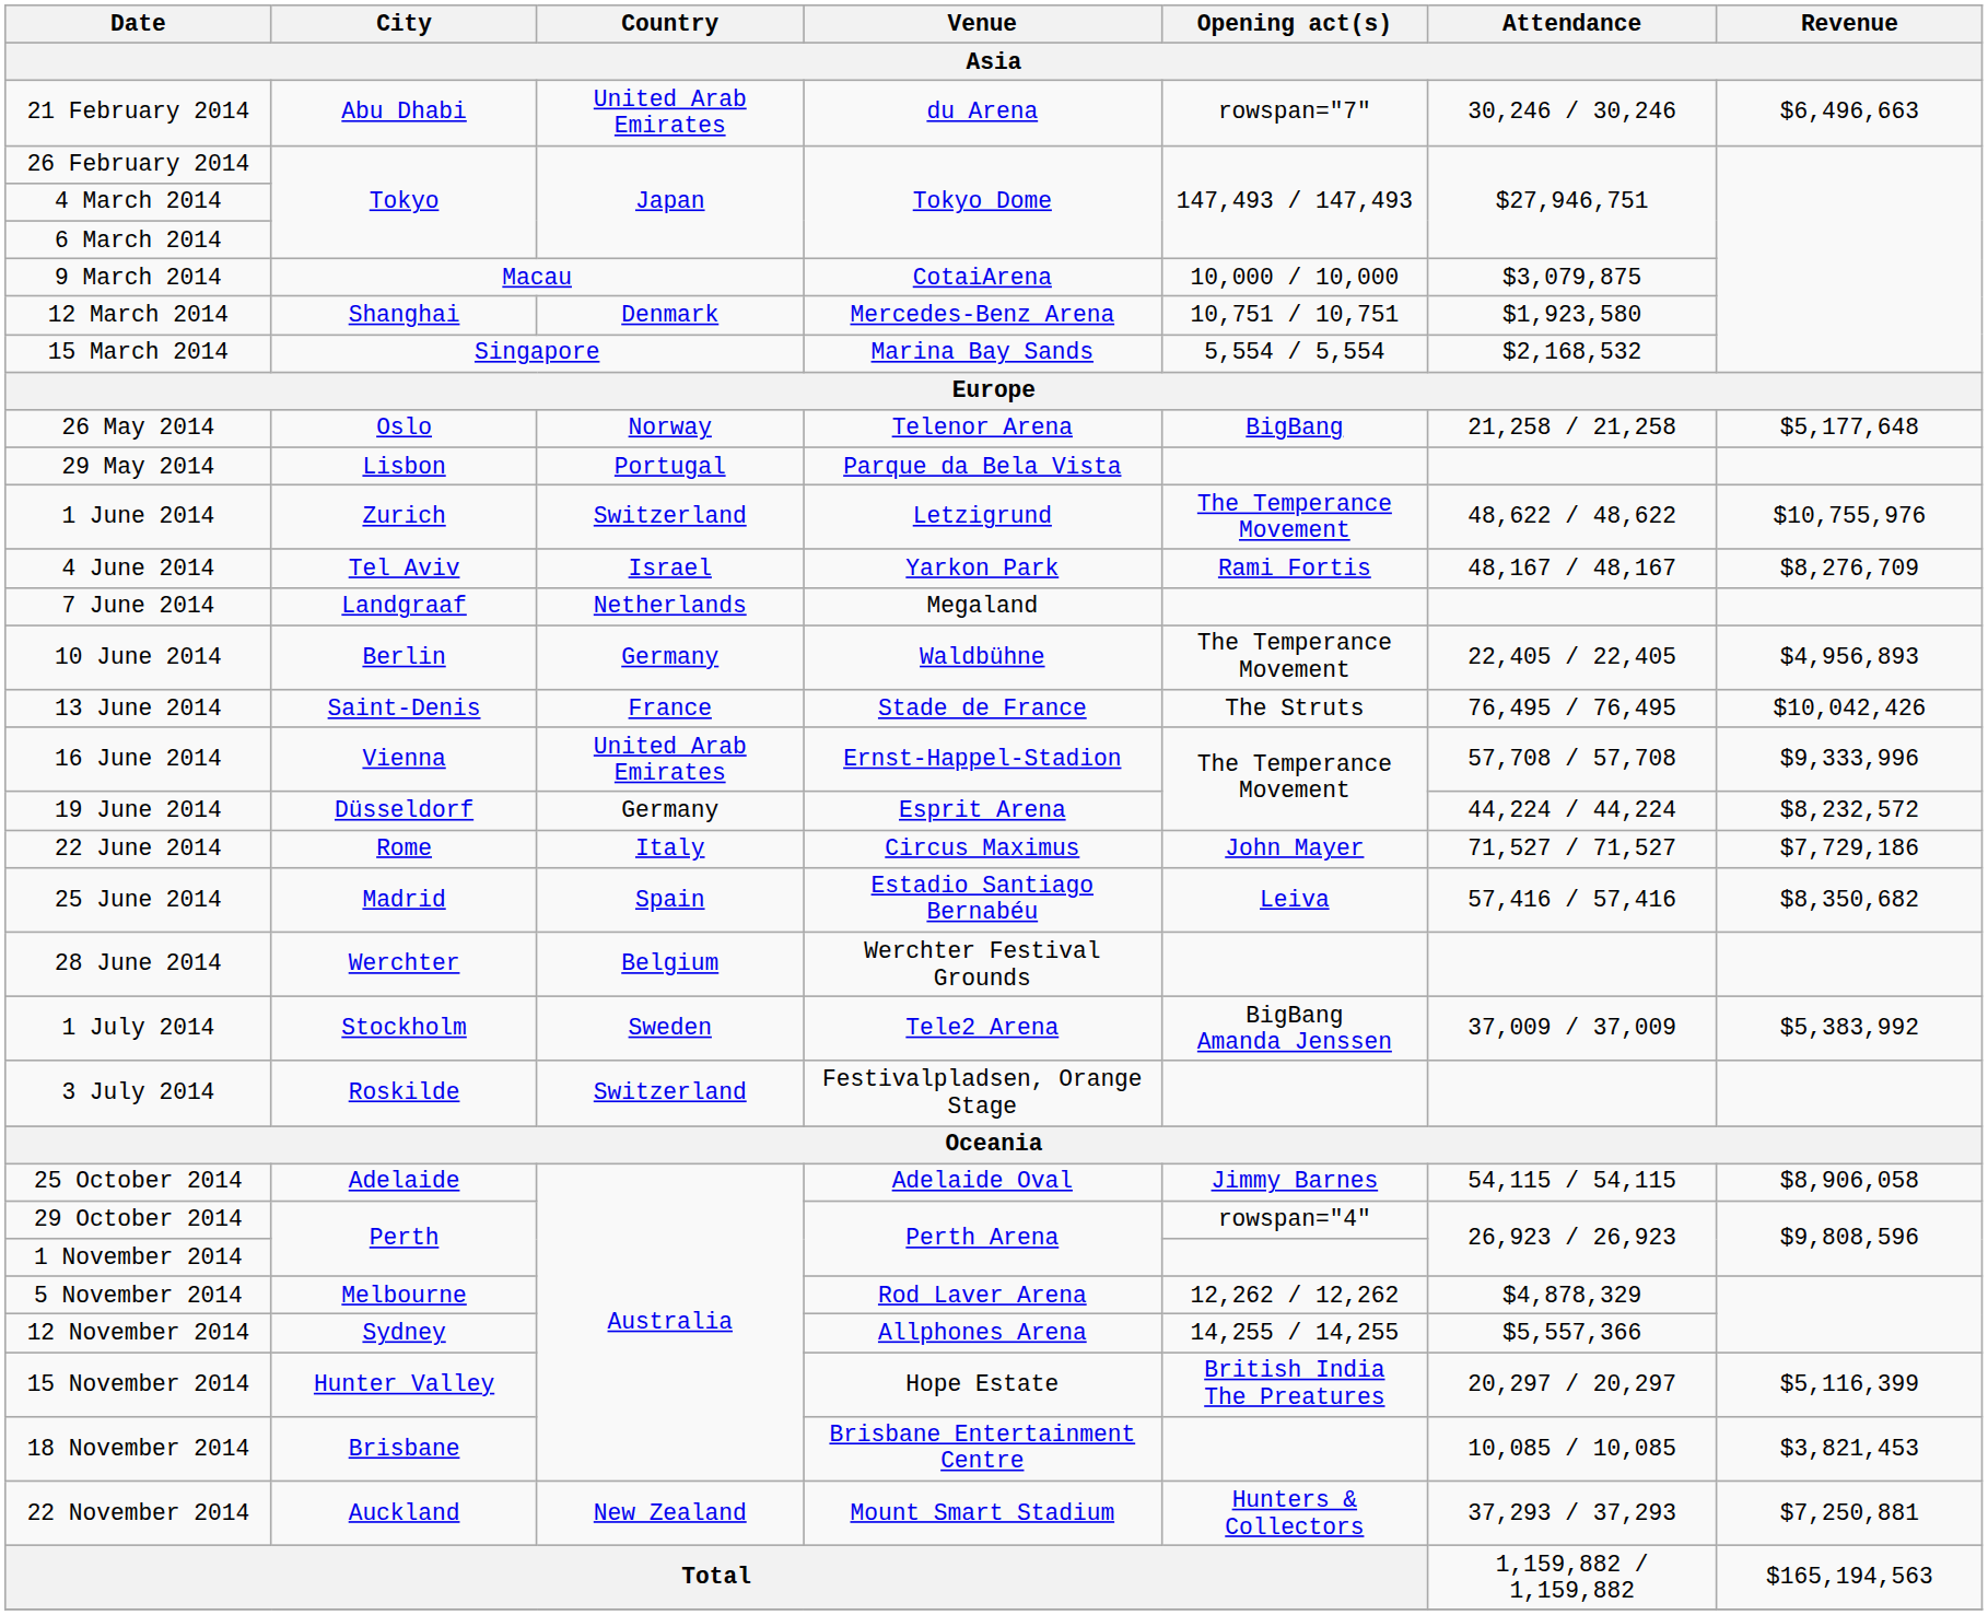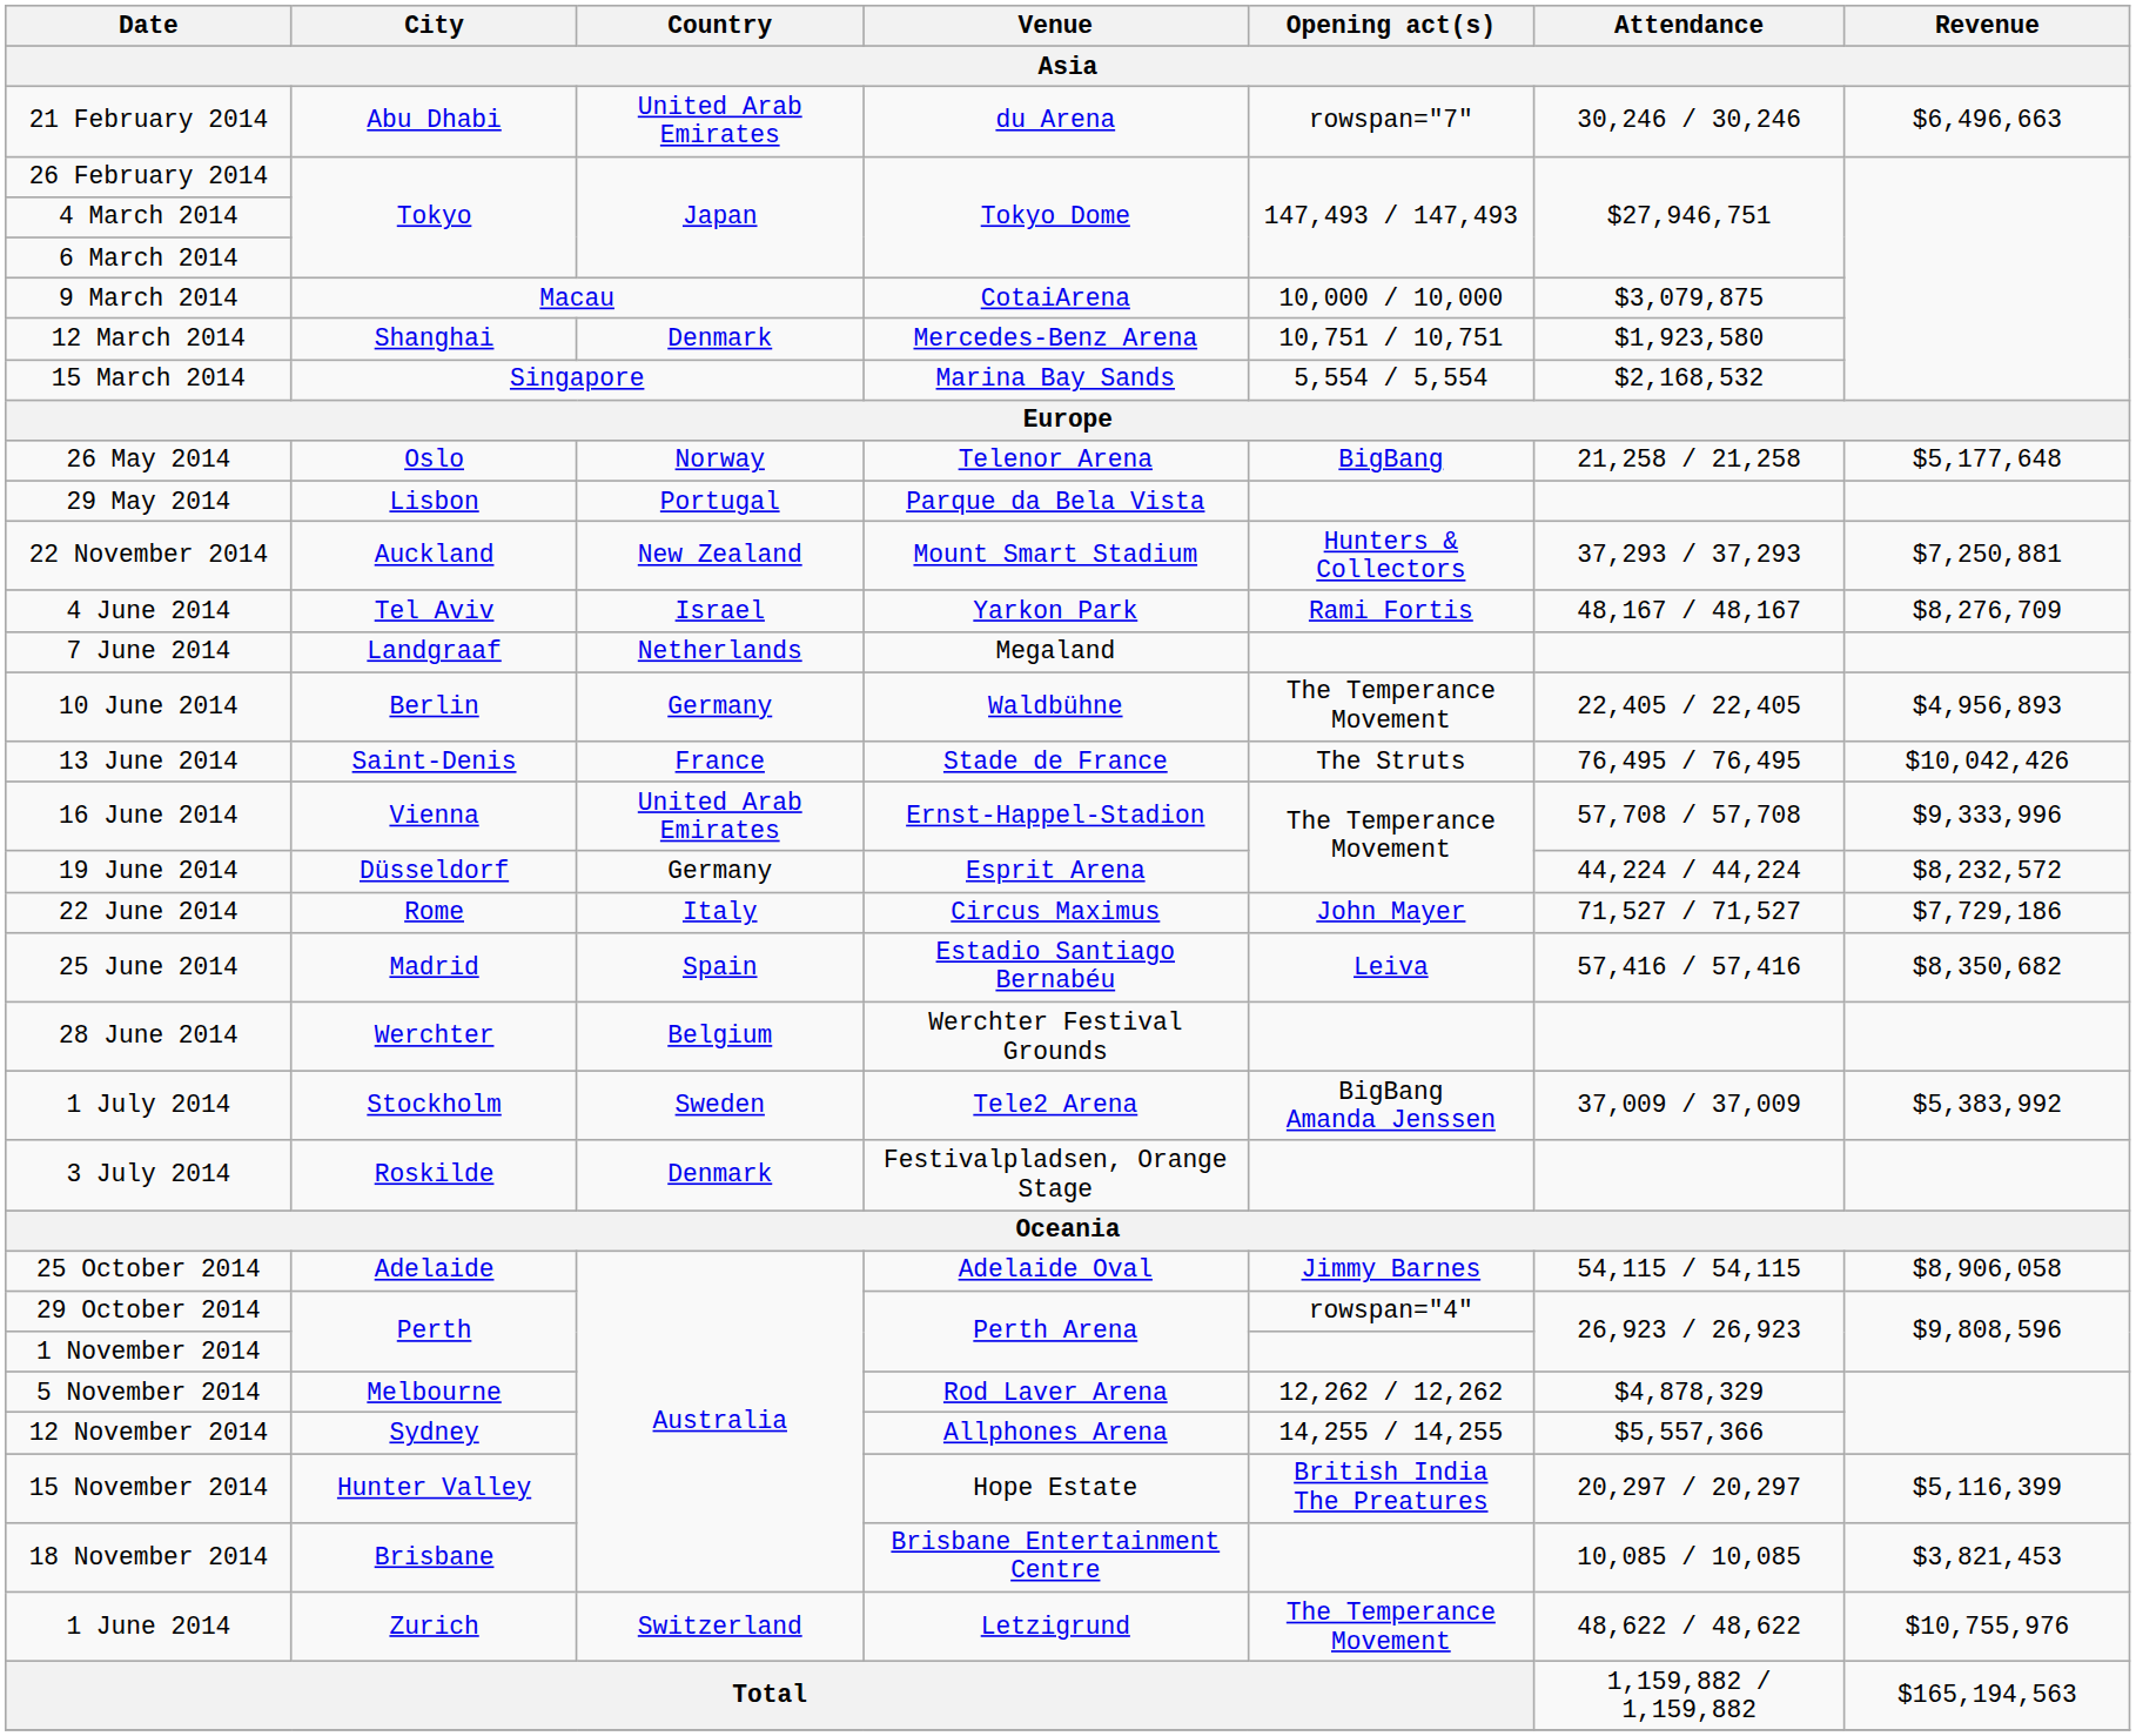 <table class="wikitable" style="text-align:center;">
 <tr>
 <th scope="col" style="width:11em;">Date</th>
 <th scope="col" style="width:11em;">City</th>
 <th scope="col" style="width:11em;">Country</th>
 <th scope="col" style="width:15em;">Venue</th>
 <th scope="col" style="width:11em;">Opening act(s)</th>
 <th scope="col" style="width:12em;">Attendance</th>
 <th scope="col" style="width:11em;">Revenue</th>
 </tr>
 <tr>
 <th colspan="7">Asia</th>
 </tr>
 <tr>
 <td>21 February 2014</td>
 <td><a href='#'>Abu Dhabi</a></td>
 <td><a href='#'>United Arab Emirates</a></td>
 <td><a href='#'>du Arena</a></td>
 <td>rowspan="7" </td>
 <td>30,246 / 30,246</td>
 <td>$6,496,663</td>
 </tr>
 <tr>
 <td>26 February 2014</td>
 <td rowspan="3"><a href='#'>Tokyo</a></td>
 <td rowspan="3"><a href='#'>Japan</a></td>
 <td rowspan="3"><a href='#'>Tokyo Dome</a></td>
 <td rowspan="3">147,493 / 147,493</td>
 <td rowspan="3">$27,946,751</td>
 </tr>
 <tr>
 <td>4 March 2014</td>
 </tr>
 <tr>
 <td>6 March 2014</td>
 </tr>
 <tr>
 <td>9 March 2014</td>
 <td colspan="2"><a href='#'>Macau</a></td>
 <td><a href='#'>CotaiArena</a></td>
 <td>10,000 / 10,000</td>
 <td>$3,079,875</td>
 </tr>
 <tr>
 <td>12 March 2014</td>
 <td><a href='#'>Shanghai</a></td>
 <td><a href='#'>Denmark</a></td>
 <td><a href='#'>Mercedes-Benz Arena</a></td>
 <td>10,751 / 10,751</td>
 <td>$1,923,580</td>
 </tr>
 <tr>
 <td>15 March 2014</td>
 <td colspan="2"><a href='#'>Singapore</a></td>
 <td><a href='#'>Marina Bay Sands</a></td>
 <td>5,554 / 5,554</td>
 <td>$2,168,532</td>
 </tr>
 <tr>
 <th colspan="7">Europe</th>
 </tr>
 <tr>
 <td>26 May 2014</td>
 <td><a href='#'>Oslo</a></td>
 <td><a href='#'>Norway</a></td>
 <td><a href='#'>Telenor Arena</a></td>
 <td><a href='#'>BigBang</a></td>
 <td>21,258 / 21,258</td>
 <td>$5,177,648</td>
 </tr>
 <tr>
 <td>29 May 2014</td>
 <td><a href='#'>Lisbon</a></td>
 <td><a href='#'>Portugal</a></td>
 <td><a href='#'>Parque da Bela Vista</a></td>
 <td></td>
 <td></td>
 <td></td>
 </tr>
 <tr>
-<td>1 June 2014</td>
-<td><a href='#'>Zurich</a></td>
-<td><a href='#'>Switzerland</a></td>
-<td><a href='#'>Letzigrund</a></td>
-<td><a href='#'>The Temperance Movement</a></td>
-<td>48,622 / 48,622</td>
-<td>$10,755,976</td>
+<td>22 November 2014</td>
+<td><a href='#'>Auckland</a></td>
+<td><a href='#'>New Zealand</a></td>
+<td><a href='#'>Mount Smart Stadium</a></td>
+<td><a href='#'>Hunters & Collectors</a></td>
+<td>37,293 / 37,293</td>
+<td>$7,250,881</td>
 </tr>
 <tr>
 <td>4 June 2014</td>
 <td><a href='#'>Tel Aviv</a></td>
 <td><a href='#'>Israel</a></td>
 <td><a href='#'>Yarkon Park</a></td>
 <td><a href='#'>Rami Fortis</a></td>
 <td>48,167 / 48,167</td>
 <td>$8,276,709</td>
 </tr>
 <tr>
 <td>7 June 2014</td>
 <td><a href='#'>Landgraaf</a></td>
 <td><a href='#'>Netherlands</a></td>
 <td>Megaland</td>
 <td></td>
 <td></td>
 <td></td>
 </tr>
 <tr>
 <td>10 June 2014</td>
 <td><a href='#'>Berlin</a></td>
 <td rowspan="1"><a href='#'>Germany</a></td>
 <td><a href='#'>Waldbühne</a></td>
 <td>The Temperance Movement</td>
 <td>22,405 / 22,405</td>
 <td>$4,956,893</td>
 </tr>
 <tr>
 <td>13 June 2014</td>
 <td><a href='#'>Saint-Denis</a></td>
 <td><a href='#'>France</a></td>
 <td><a href='#'>Stade de France</a></td>
 <td>The Struts</td>
 <td>76,495 / 76,495</td>
 <td>$10,042,426</td>
 </tr>
 <tr>
 <td>16 June 2014</td>
 <td><a href='#'>Vienna</a></td>
 <td><a href='#'>United Arab Emirates</a></td>
 <td><a href='#'>Ernst-Happel-Stadion</a></td>
 <td rowspan="2">The Temperance Movement</td>
 <td>57,708 / 57,708</td>
 <td>$9,333,996</td>
 </tr>
 <tr>
 <td>19 June 2014</td>
 <td><a href='#'>Düsseldorf</a></td>
 <td>Germany</td>
 <td><a href='#'>Esprit Arena</a></td>
 <td>44,224 / 44,224</td>
 <td>$8,232,572</td>
 </tr>
 <tr>
 <td>22 June 2014</td>
 <td><a href='#'>Rome</a></td>
 <td><a href='#'>Italy</a></td>
 <td><a href='#'>Circus Maximus</a></td>
 <td><a href='#'>John Mayer</a></td>
 <td>71,527 / 71,527</td>
 <td>$7,729,186</td>
 </tr>
 <tr>
 <td>25 June 2014</td>
 <td><a href='#'>Madrid</a></td>
 <td><a href='#'>Spain</a></td>
 <td><a href='#'>Estadio Santiago Bernabéu</a></td>
 <td><a href='#'>Leiva</a></td>
 <td>57,416 / 57,416</td>
 <td>$8,350,682</td>
 </tr>
 <tr>
 <td>28 June 2014</td>
 <td><a href='#'>Werchter</a></td>
 <td><a href='#'>Belgium</a></td>
 <td>Werchter Festival Grounds</td>
 <td></td>
 <td></td>
 <td></td>
 </tr>
 <tr>
 <td>1 July 2014</td>
 <td><a href='#'>Stockholm</a></td>
 <td><a href='#'>Sweden</a></td>
 <td><a href='#'>Tele2 Arena</a></td>
 <td>BigBang<br><a href='#'>Amanda Jenssen</a></td>
 <td>37,009 / 37,009</td>
 <td>$5,383,992</td>
 </tr>
 <tr>
 <td>3 July 2014</td>
 <td><a href='#'>Roskilde</a></td>
-<td><a href='#'>Switzerland</a></td>
+<td><a href='#'>Denmark</a></td>
 <td>Festivalpladsen, Orange Stage</td>
 <td></td>
 <td></td>
 <td></td>
 </tr>
 <tr>
 <th colspan="7">Oceania</th>
 </tr>
 <tr>
 <td>25 October 2014</td>
 <td><a href='#'>Adelaide</a></td>
 <td rowspan="7"><a href='#'>Australia</a></td>
 <td><a href='#'>Adelaide Oval</a></td>
 <td><a href='#'>Jimmy Barnes</a></td>
 <td>54,115 / 54,115 </td>
 <td>$8,906,058</td>
 </tr>
 <tr>
 <td>29 October 2014</td>
 <td rowspan="2"><a href='#'>Perth</a></td>
 <td rowspan="2"><a href='#'>Perth Arena</a></td>
 <td>rowspan="4" </td>
 <td rowspan="2">26,923 / 26,923</td>
 <td rowspan="2">$9,808,596</td>
 </tr>
 <tr>
 <td>1 November 2014</td>
 </tr>
 <tr>
 <td>5 November 2014</td>
 <td><a href='#'>Melbourne</a></td>
 <td><a href='#'>Rod Laver Arena</a></td>
 <td>12,262 / 12,262</td>
 <td>$4,878,329</td>
 </tr>
 <tr>
 <td>12 November 2014</td>
 <td><a href='#'>Sydney</a></td>
 <td><a href='#'>Allphones Arena</a></td>
 <td>14,255 / 14,255</td>
 <td>$5,557,366</td>
 </tr>
 <tr>
 <td>15 November 2014</td>
 <td><a href='#'>Hunter Valley</a></td>
 <td>Hope Estate</td>
 <td><a href='#'>British India</a><br><a href='#'>The Preatures</a></td>
 <td>20,297 / 20,297</td>
 <td>$5,116,399</td>
 </tr>
 <tr>
 <td>18 November 2014</td>
 <td><a href='#'>Brisbane</a></td>
 <td><a href='#'>Brisbane Entertainment Centre</a></td>
 <td></td>
 <td>10,085 / 10,085</td>
 <td>$3,821,453</td>
 </tr>
 <tr>
-<td>22 November 2014</td>
-<td><a href='#'>Auckland</a></td>
-<td><a href='#'>New Zealand</a></td>
-<td><a href='#'>Mount Smart Stadium</a></td>
-<td><a href='#'>Hunters & Collectors</a></td>
-<td>37,293 / 37,293</td>
-<td>$7,250,881</td>
+<td>1 June 2014</td>
+<td><a href='#'>Zurich</a></td>
+<td><a href='#'>Switzerland</a></td>
+<td><a href='#'>Letzigrund</a></td>
+<td><a href='#'>The Temperance Movement</a></td>
+<td>48,622 / 48,622</td>
+<td>$10,755,976</td>
 </tr>
 <tr>
 <th colspan="5">Total</th>
 <td>1,159,882 /  1,159,882</td>
 <td>$165,194,563</td>
 </tr>
 <tr>
 </tr>
 </table>
